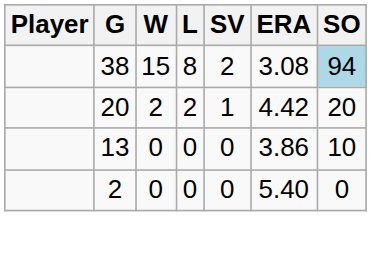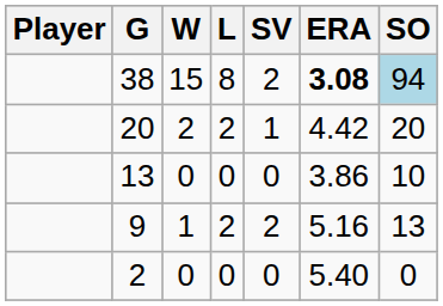 <table class="wikitable sortable" style="text-align:center;">
 <tr>
 <th>Player</th>
 <th>G</th>
 <th>W</th>
 <th>L</th>
 <th>SV</th>
 <th>ERA</th>
 <th>SO</th>
 </tr>
 <tr>
 <td></td>
 <td>38</td>
 <td>15</td>
 <td>8</td>
 <td>2</td>
-<td>3.08</td>
+<td><strong>3.08</strong></td>
 <td style="background: lightblue;">94</td>
 </tr>
 <tr>
 <td></td>
 <td>20</td>
 <td>2</td>
 <td>2</td>
 <td>1</td>
 <td>4.42</td>
 <td>20</td>
 </tr>
 <tr>
 <td></td>
 <td>13</td>
 <td>0</td>
 <td>0</td>
 <td>0</td>
 <td>3.86</td>
 <td>10</td>
 </tr>
 <tr>
 <td></td>
+<td>9</td>
+<td>1</td>
+<td>2</td>
+<td>2</td>
+<td>5.16</td>
+<td>13</td>
+</tr>
+<tr>
+<td></td>
 <td>2</td>
 <td>0</td>
 <td>0</td>
 <td>0</td>
 <td>5.40</td>
 <td>0</td>
 </tr>
 </table>
